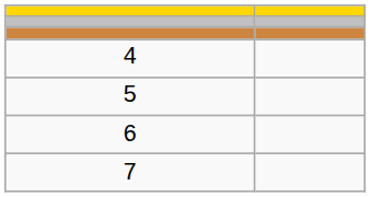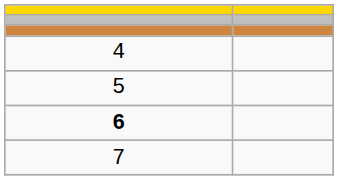 <table class="wikitable" style="width:200px;">
 <tr style="background:gold;">
 <td align=center></td>
 <td></td>
 </tr>
 <tr style="background:silver;">
 <td align=center></td>
 <td></td>
 </tr>
 <tr style="background:peru;">
 <td align=center></td>
 <td></td>
 </tr>
 <tr>
 <td align=center>4</td>
 <td></td>
 </tr>
 <tr>
 <td align=center>5</td>
 <td></td>
 </tr>
 <tr>
-<td align=center>6</td>
+<td align=center><strong>6</strong></td>
 <td></td>
 </tr>
 <tr>
 <td align=center>7</td>
 <td></td>
 </tr>
 </table>
